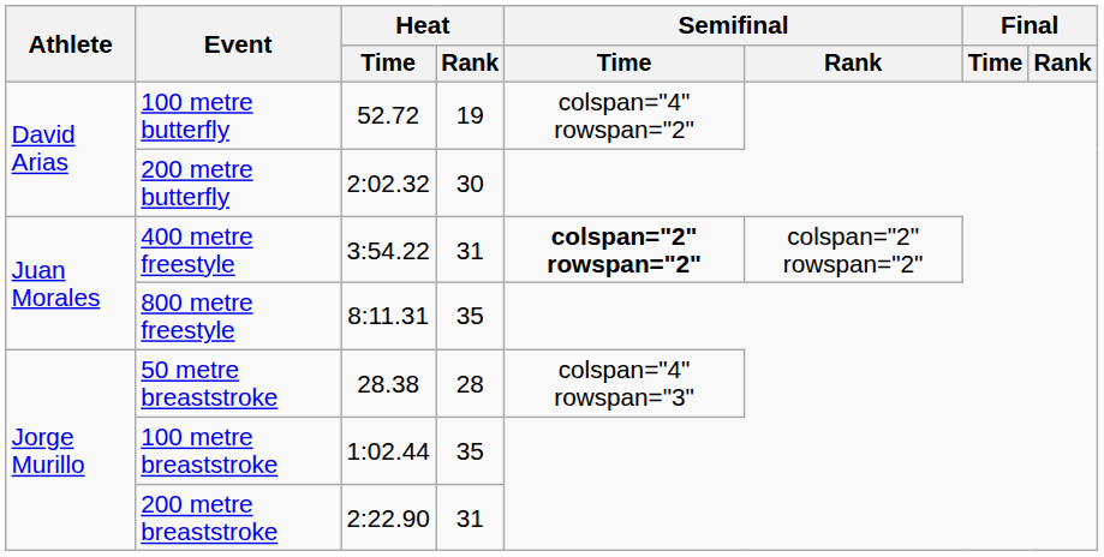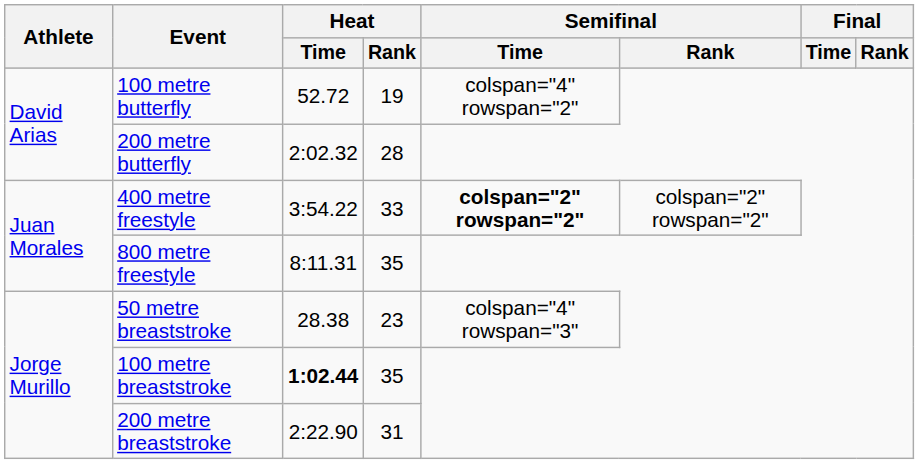 <table class="wikitable" style="text-align:center; font-size:90%; width:50%;">
 <tr>
 <th rowspan="2">Athlete</th>
 <th rowspan="2">Event</th>
 <th colspan="2">Heat</th>
 <th colspan="2">Semifinal</th>
 <th colspan="2">Final</th>
 </tr>
 <tr style="font-size:95%">
 <th>Time</th>
 <th>Rank</th>
 <th>Time</th>
 <th>Rank</th>
 <th>Time</th>
 <th>Rank</th>
 </tr>
 <tr align=center>
 <td align=left rowspan="2"><a href='#'>David Arias</a></td>
 <td align=left><a href='#'>100 metre butterfly</a></td>
 <td>52.72</td>
 <td>19</td>
 <td>colspan="4" rowspan="2" </td>
 </tr>
 <tr align=center>
 <td align=left><a href='#'>200 metre butterfly</a></td>
 <td>2:02.32</td>
-<td>30</td>
+<td>28</td>
 </tr>
 <tr align=center>
 <td align=left rowspan="2"><a href='#'>Juan Morales</a></td>
 <td align=left><a href='#'>400 metre freestyle</a></td>
 <td>3:54.22</td>
-<td>31</td>
+<td>33</td>
 <td><strong>colspan="2" rowspan="2" </strong></td>
 <td>colspan="2" rowspan="2" </td>
 </tr>
 <tr align=center>
 <td align=left><a href='#'>800 metre freestyle</a></td>
 <td>8:11.31</td>
 <td>35</td>
 </tr>
 <tr align=center>
 <td align=left rowspan="3"><a href='#'>Jorge Murillo</a></td>
 <td align=left><a href='#'>50 metre breaststroke</a></td>
 <td>28.38</td>
-<td>28</td>
+<td>23</td>
 <td>colspan="4" rowspan="3" </td>
 </tr>
 <tr align=center>
 <td align=left><a href='#'>100 metre breaststroke</a></td>
-<td>1:02.44</td>
+<td><strong>1:02.44</strong></td>
 <td>35</td>
 </tr>
 <tr align=center>
 <td align=left><a href='#'>200 metre breaststroke</a></td>
 <td>2:22.90</td>
 <td>31</td>
 </tr>
 </table>
